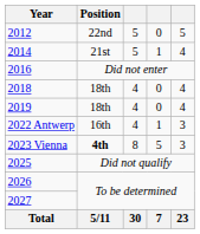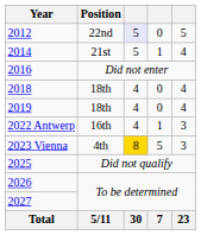 <table class="wikitable" style="text-align: center;">
 <tr>
 <th>Year</th>
 <th>Position</th>
 <th width=25px></th>
 <th width=25px></th>
 <th width=25px></th>
 </tr>
 <tr>
 <td style="text-align:left;"> <a href='#'>2012</a></td>
 <td>22nd</td>
-<td>5</td>
+<td style="background: lavender;">5</td>
 <td>0</td>
 <td>5</td>
 </tr>
 <tr>
 <td style="text-align:left;"> <a href='#'>2014</a></td>
 <td>21st</td>
 <td>5</td>
 <td>1</td>
 <td>4</td>
 </tr>
 <tr>
 <td style="text-align:left;"> <a href='#'>2016</a></td>
 <td colspan="4"><em>Did not enter</em></td>
 </tr>
 <tr>
 <td style="text-align:left;"> <a href='#'>2018</a></td>
 <td>18th</td>
 <td>4</td>
 <td>0</td>
 <td>4</td>
 </tr>
 <tr>
 <td style="text-align:left;"> <a href='#'>2019</a></td>
 <td>18th</td>
 <td>4</td>
 <td>0</td>
 <td>4</td>
 </tr>
 <tr>
 <td style="text-align:left;"> <a href='#'>2022 Antwerp</a></td>
 <td>16th</td>
 <td>4</td>
 <td>1</td>
 <td>3</td>
 </tr>
 <tr>
 <td style="text-align:left;"> <a href='#'>2023 Vienna</a></td>
-<td><strong>4th</strong></td>
-<td>8</td>
+<td>4th</td>
+<td style="background: gold;">8</td>
 <td>5</td>
 <td>3</td>
 </tr>
 <tr>
 <td style="text-align:left;"> <a href='#'>2025</a></td>
 <td colspan="4"><em>Did not qualify</em></td>
 </tr>
 <tr>
 <td style="text-align:left;"> <a href='#'>2026</a></td>
 <td colspan="4" rowspan="2"><em>To be determined</em></td>
 </tr>
 <tr>
 <td style="text-align:left;"> <a href='#'>2027</a></td>
 </tr>
 <tr>
 <th>Total</th>
 <th>5/11</th>
 <th>30</th>
 <th>7</th>
 <th>23</th>
 </tr>
 </table>
